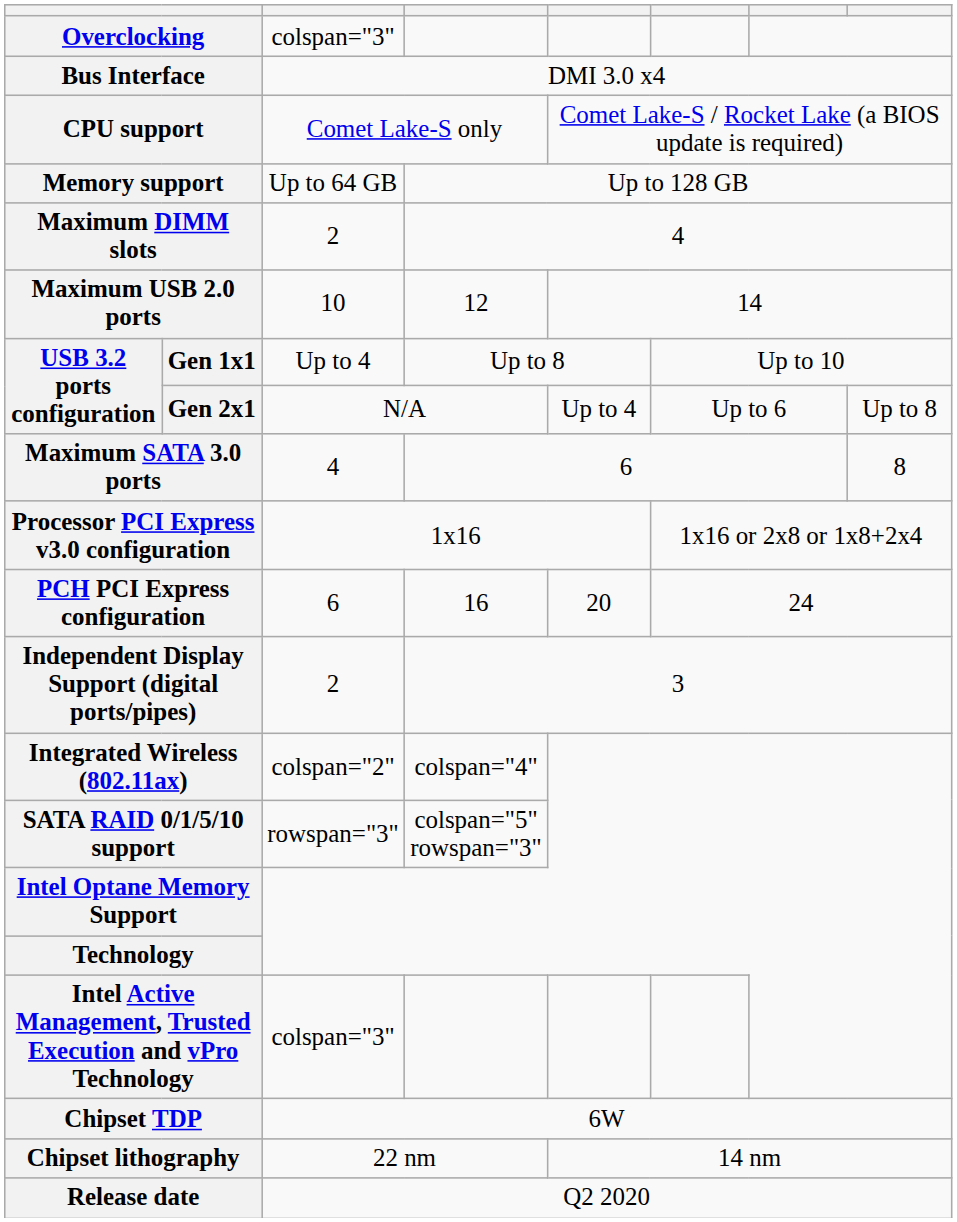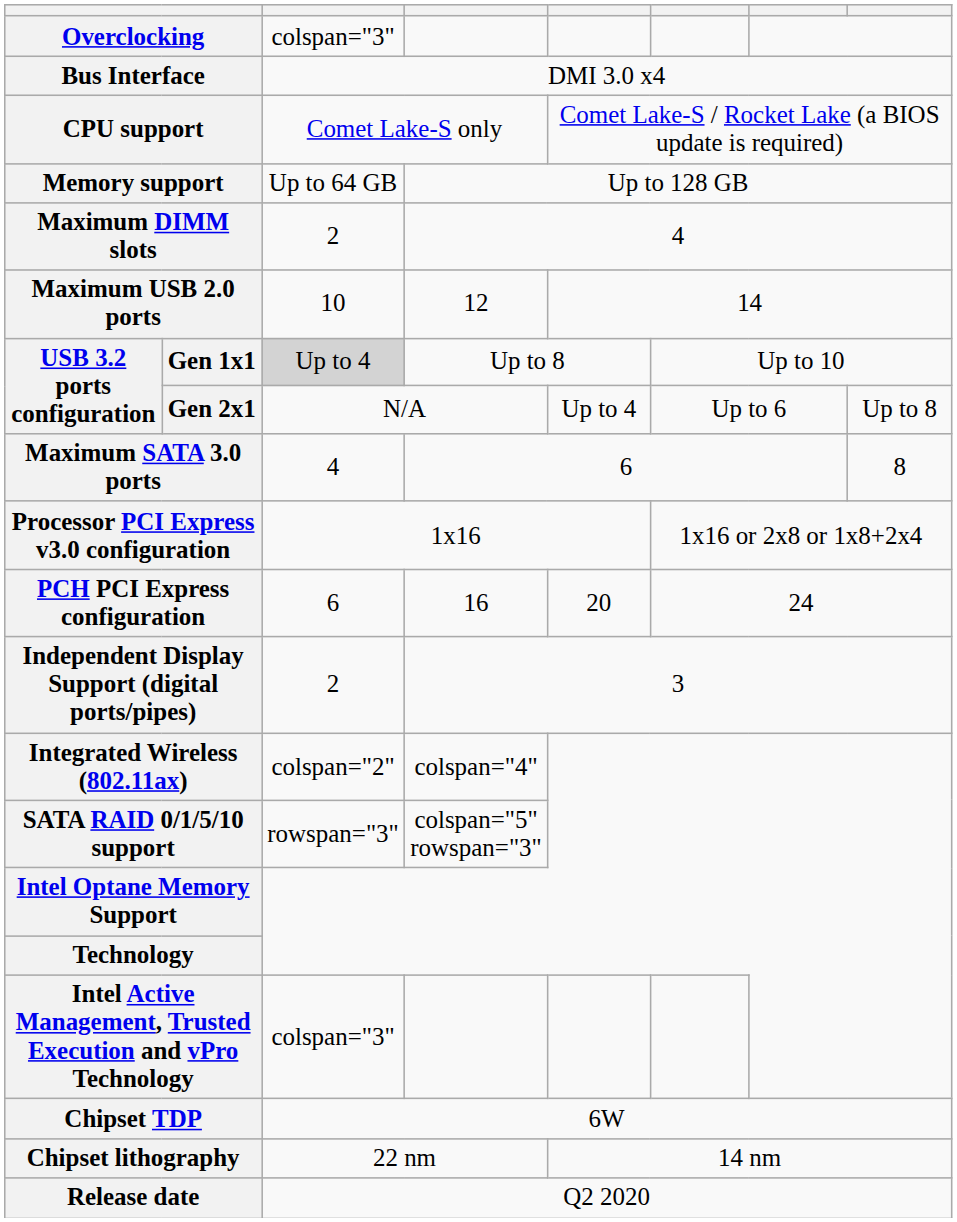 <table class="wikitable sticky-header" style="text-align: center; min-width: 30em; max-width: 100em;">
 <tr>
 <th colspan="2" scope="col" width="22%"></th>
 <th scope="col" width="13%"></th>
 <th scope="col" width="13%"></th>
 <th scope="col" width="13%"></th>
 <th scope="col" width="13%"></th>
 <th scope="col" width="13%"></th>
 <th scope="col" width="13%"></th>
 </tr>
 <tr>
 <th colspan="2"><a href='#'>Overclocking</a></th>
 <td>colspan="3" </td>
 <td></td>
 <td></td>
 <td></td>
 </tr>
 <tr>
 <th colspan="2">Bus Interface</th>
 <td colspan="6">DMI 3.0 x4</td>
 </tr>
 <tr>
 <th colspan="2">CPU support</th>
 <td colspan="2"><a href='#'>Comet Lake-S</a> only</td>
 <td colspan="4"><a href='#'>Comet Lake-S</a> / <a href='#'>Rocket Lake</a> (a BIOS update is required)</td>
 </tr>
 <tr>
 <th colspan="2">Memory support</th>
 <td>Up to 64 GB</td>
 <td colspan="5">Up to 128 GB</td>
 </tr>
 <tr>
 <th colspan="2">Maximum <a href='#'>DIMM</a> slots</th>
 <td>2</td>
 <td colspan="5">4</td>
 </tr>
 <tr>
 <th colspan="2">Maximum USB 2.0 ports</th>
 <td>10</td>
 <td>12</td>
 <td colspan="4">14</td>
 </tr>
 <tr>
 <th rowspan="2"><a href='#'>USB 3.2</a> ports configuration</th>
 <th>Gen 1x1</th>
-<td>Up to 4</td>
+<td style="background: lightgrey;">Up to 4</td>
 <td colspan="2">Up to 8</td>
 <td colspan="3">Up to 10</td>
 </tr>
 <tr>
 <th>Gen 2x1</th>
 <td colspan="2">N/A</td>
 <td>Up to 4</td>
 <td colspan="2">Up to 6</td>
 <td>Up to 8</td>
 </tr>
 <tr>
 <th colspan="2">Maximum <a href='#'>SATA</a> 3.0 ports</th>
 <td>4</td>
 <td colspan="4">6</td>
 <td>8</td>
 </tr>
 <tr>
 <th colspan="2">Processor <a href='#'>PCI Express</a> v3.0 configuration</th>
 <td colspan="3">1x16</td>
 <td colspan="3">1x16 or 2x8 or 1x8+2x4</td>
 </tr>
 <tr>
 <th colspan="2"><a href='#'>PCH</a> PCI Express configuration</th>
 <td>6</td>
 <td>16</td>
 <td>20</td>
 <td colspan="3">24</td>
 </tr>
 <tr>
 <th colspan="2">Independent Display Support (digital ports/pipes)</th>
 <td>2</td>
 <td colspan="5">3</td>
 </tr>
 <tr>
 <th colspan="2">Integrated Wireless (<a href='#'>802.11ax</a>)</th>
 <td>colspan="2" </td>
 <td>colspan="4" </td>
 </tr>
 <tr>
 <th colspan="2">SATA <a href='#'>RAID</a> 0/1/5/10 support</th>
 <td>rowspan="3" </td>
 <td>colspan="5" rowspan="3" </td>
 </tr>
 <tr>
 <th colspan="2"><a href='#'>Intel Optane Memory</a> Support</th>
 </tr>
 <tr>
 <th colspan="2"> Technology</th>
 </tr>
 <tr>
 <th colspan="2">Intel <a href='#'>Active Management</a>, <a href='#'>Trusted Execution</a> and <a href='#'>vPro</a> Technology</th>
 <td>colspan="3" </td>
 <td></td>
 <td></td>
 <td></td>
 </tr>
 <tr>
 <th colspan="2">Chipset <a href='#'>TDP</a></th>
 <td colspan="6">6W</td>
 </tr>
 <tr>
 <th colspan="2">Chipset lithography</th>
 <td colspan="2">22 nm</td>
 <td colspan="4">14 nm</td>
 </tr>
 <tr>
 <th colspan="2">Release date</th>
 <td colspan="6">Q2 2020</td>
 </tr>
 </table>
